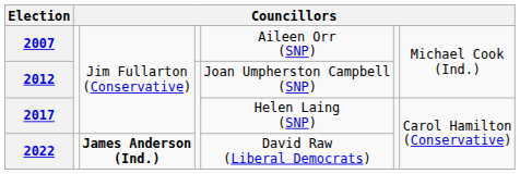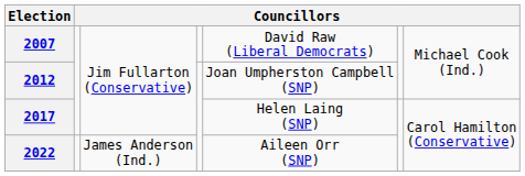 <table class="wikitable" style="text-align:center">
 <tr>
 <th>Election</th>
 <th colspan=8>Councillors</th>
 </tr>
 <tr>
 <th><a href='#'>2007</a></th>
 <td rowspan=3; style="background-color: "></td>
 <td rowspan=3>Jim Fullarton<br>(<a href='#'>Conservative</a>)</td>
 <td rowspan=1; style="background-color: "></td>
-<td rowspan=1>Aileen Orr<br>(<a href='#'>SNP</a>)</td>
+<td rowspan=1>David Raw<br>(<a href='#'>Liberal Democrats</a>)</td>
 <td rowspan=2; style="background-color: "></td>
 <td rowspan=2>Michael Cook<br>(Ind.)</td>
 </tr>
 <tr>
 <th><a href='#'>2012</a></th>
 <td rowspan=3; style="background-color: "></td>
 <td rowspan=1>Joan Umpherston Campbell<br>(<a href='#'>SNP</a>)</td>
 </tr>
 <tr>
 <th><a href='#'>2017</a></th>
 <td rowspan=1>Helen Laing<br>(<a href='#'>SNP</a>)</td>
 <td rowspan=2; style="background-color: "></td>
 <td rowspan=2>Carol Hamilton<br>(<a href='#'>Conservative</a>)</td>
 </tr>
 <tr>
 <th><a href='#'>2022</a></th>
 <td rowspan=1; style="background-color: "></td>
-<td rowspan=1><strong>James Anderson<br>(Ind.)</strong></td>
-<td rowspan=1>David Raw<br>(<a href='#'>Liberal Democrats</a>)</td>
+<td rowspan=1>James Anderson<br>(Ind.)</td>
+<td rowspan=1>Aileen Orr<br>(<a href='#'>SNP</a>)</td>
 </tr>
 </table>
